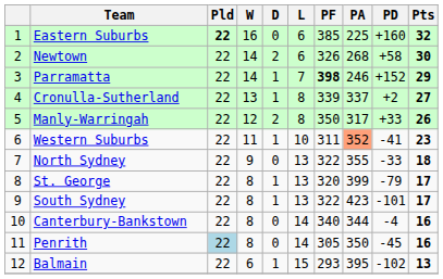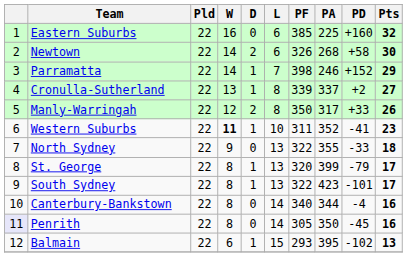 <table class="wikitable" style="text-align:center;">
 <tr>
 <th width=20 abbr="Position×"></th>
 <th width=175>Team</th>
 <th width=20 abbr="Played">Pld</th>
 <th width=20 abbr="Won">W</th>
 <th width=20 abbr="Drawn">D</th>
 <th width=20 abbr="Lost">L</th>
 <th width=20 abbr="Points for">PF</th>
 <th width=20 abbr="Points against">PA</th>
 <th width=20 abbr="Points difference">PD</th>
 <th width=20 abbr="Points">Pts</th>
 </tr>
 <tr style="background: #ccffcc;">
 <td>1</td>
 <td style="text-align:left;"> <a href='#'>Eastern Suburbs</a></td>
-<td><strong>22</strong></td>
+<td>22</td>
 <td>16</td>
 <td>0</td>
 <td>6</td>
 <td>385</td>
 <td>225</td>
 <td>+160</td>
 <td><strong>32</strong></td>
 </tr>
 <tr style="background: #ccffcc;">
 <td>2</td>
 <td style="text-align:left;"> <a href='#'>Newtown</a></td>
 <td>22</td>
 <td>14</td>
 <td>2</td>
 <td>6</td>
 <td>326</td>
 <td>268</td>
 <td>+58</td>
 <td><strong>30</strong></td>
 </tr>
 <tr style="background: #ccffcc;">
 <td>3</td>
 <td style="text-align:left;"> <a href='#'>Parramatta</a></td>
 <td>22</td>
 <td>14</td>
 <td>1</td>
 <td>7</td>
-<td><strong>398</strong></td>
+<td>398</td>
 <td>246</td>
 <td>+152</td>
 <td><strong>29</strong></td>
 </tr>
 <tr style="background: #ccffcc;">
 <td>4</td>
 <td style="text-align:left;"> <a href='#'>Cronulla-Sutherland</a></td>
 <td>22</td>
 <td>13</td>
 <td>1</td>
 <td>8</td>
 <td>339</td>
 <td>337</td>
 <td>+2</td>
 <td><strong>27</strong></td>
 </tr>
 <tr style="background: #ccffcc;">
 <td>5</td>
 <td style="text-align:left;"> <a href='#'>Manly-Warringah</a></td>
 <td>22</td>
 <td>12</td>
 <td>2</td>
 <td>8</td>
 <td>350</td>
 <td>317</td>
 <td>+33</td>
 <td><strong>26</strong></td>
 </tr>
 <tr>
 <td>6</td>
 <td style="text-align:left;"> <a href='#'>Western Suburbs</a></td>
 <td>22</td>
-<td>11</td>
+<td><strong>11</strong></td>
 <td>1</td>
 <td>10</td>
 <td>311</td>
-<td style="background: lightsalmon;">352</td>
+<td>352</td>
 <td>-41</td>
 <td><strong>23</strong></td>
 </tr>
 <tr>
 <td>7</td>
 <td style="text-align:left;"> <a href='#'>North Sydney</a></td>
 <td>22</td>
 <td>9</td>
 <td>0</td>
 <td>13</td>
 <td>322</td>
 <td>355</td>
 <td>-33</td>
 <td><strong>18</strong></td>
 </tr>
 <tr>
 <td>8</td>
 <td style="text-align:left;"> <a href='#'>St. George</a></td>
 <td>22</td>
 <td>8</td>
 <td>1</td>
 <td>13</td>
 <td>320</td>
 <td>399</td>
 <td>-79</td>
 <td><strong>17</strong></td>
 </tr>
 <tr>
 <td>9</td>
 <td style="text-align:left;"> <a href='#'>South Sydney</a></td>
 <td>22</td>
 <td>8</td>
 <td>1</td>
 <td>13</td>
 <td>322</td>
 <td>423</td>
 <td>-101</td>
 <td><strong>17</strong></td>
 </tr>
 <tr>
 <td>10</td>
 <td style="text-align:left;"> <a href='#'>Canterbury-Bankstown</a></td>
 <td>22</td>
 <td>8</td>
 <td>0</td>
 <td>14</td>
 <td>340</td>
 <td>344</td>
 <td>-4</td>
 <td><strong>16</strong></td>
 </tr>
 <tr>
-<td>11</td>
+<td style="background: lavender;">11</td>
 <td style="text-align:left;"> <a href='#'>Penrith</a></td>
-<td style="background: lightblue;">22</td>
+<td>22</td>
 <td>8</td>
 <td>0</td>
 <td>14</td>
 <td>305</td>
 <td>350</td>
 <td>-45</td>
 <td><strong>16</strong></td>
 </tr>
 <tr>
 <td>12</td>
 <td style="text-align:left;"> <a href='#'>Balmain</a></td>
 <td>22</td>
 <td>6</td>
 <td>1</td>
 <td>15</td>
 <td>293</td>
 <td>395</td>
 <td>-102</td>
 <td><strong>13</strong></td>
 </tr>
 <tr>
 </tr>
 </table>
